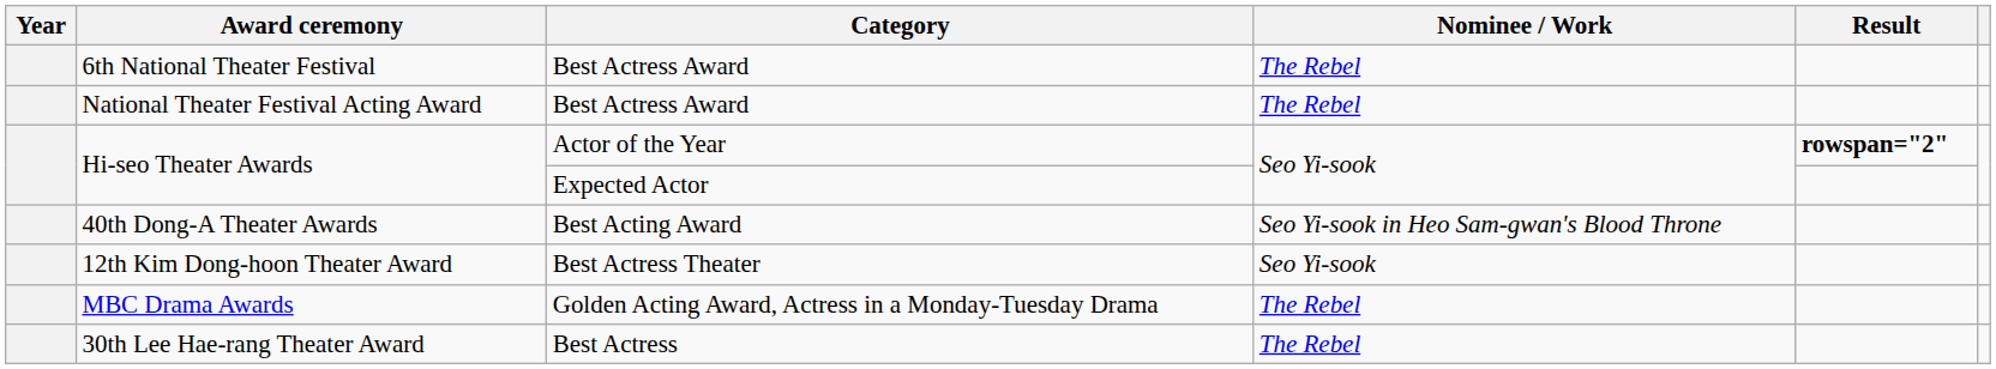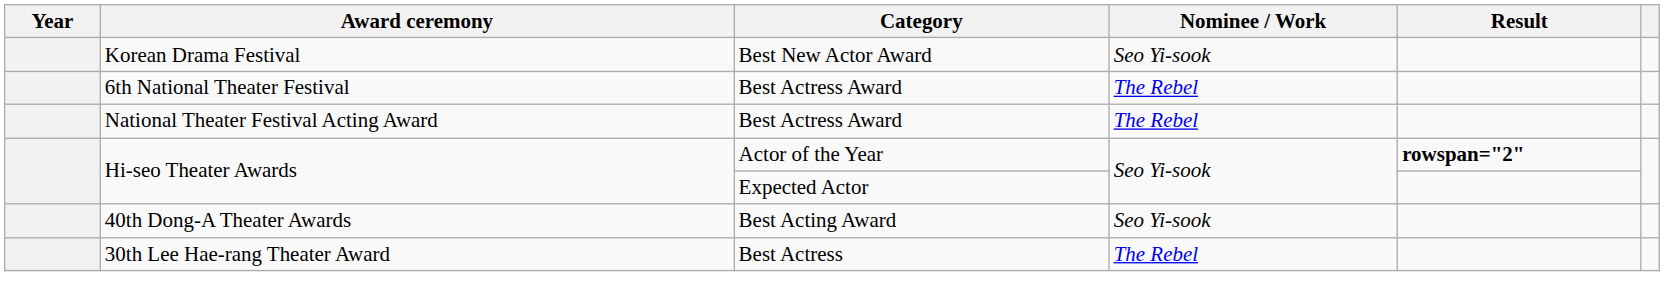 <table class="wikitable sortable plainrowheaders" style="clear:none; font-size:100%; padding:0 auto; width:100%; margin:auto">
 <tr>
 <th scope="col">Year</th>
 <th scope="col">Award ceremony</th>
 <th scope="col">Category</th>
 <th scope="col">Nominee / Work</th>
 <th scope="col">Result</th>
 <th scope="col" class="unsortable"></th>
+</tr>
+<tr>
+<th scope="row"></th>
+<td>Korean Drama Festival</td>
+<td>Best New Actor Award</td>
+<td><em>Seo Yi-sook</em></td>
+<td></td>
+<td style="text-align:center"></td>
 </tr>
 <tr>
 <th scope="row"></th>
 <td>6th National Theater Festival</td>
 <td>Best Actress Award</td>
 <td><em><a href='#'>The Rebel</a></em></td>
 <td></td>
 <td></td>
 </tr>
 <tr>
 <th scope="row"></th>
 <td>National Theater Festival Acting Award</td>
 <td>Best Actress Award</td>
 <td><em><a href='#'>The Rebel</a></em></td>
 <td></td>
 <td style="text-align:center"></td>
 </tr>
 <tr>
 <th scope="row" rowspan="2"></th>
 <td rowspan="2">Hi-seo Theater Awards</td>
 <td>Actor of the Year</td>
 <td rowspan="2"><em>Seo Yi-sook</em></td>
 <td><strong>rowspan="2" </strong></td>
 <td rowspan="2"></td>
 </tr>
 <tr>
 <td>Expected Actor</td>
 </tr>
 <tr>
 <th scope="row"></th>
 <td>40th Dong-A Theater Awards</td>
 <td>Best Acting Award</td>
-<td><em>Seo Yi-sook in Heo Sam-gwan's Blood Throne</em></td>
-<td></td>
-<td style="text-align:center"></td>
-</tr>
-<tr>
-<th scope="row"></th>
-<td rowspan="1" scope="row">12th Kim Dong-hoon Theater Award</td>
-<td>Best Actress Theater</td>
 <td><em>Seo Yi-sook</em></td>
-<td></td>
-<td style="text-align:center"></td>
-</tr>
-<tr>
-<th scope="row"></th>
-<td rowspan="1" scope="row"><a href='#'>MBC Drama Awards</a></td>
-<td>Golden Acting Award, Actress in a Monday-Tuesday Drama</td>
-<td><em><a href='#'>The Rebel</a></em></td>
 <td></td>
 <td style="text-align:center"></td>
 </tr>
 <tr>
 <th scope="row"></th>
 <td rowspan="1" scope="row">30th Lee Hae-rang Theater Award</td>
 <td>Best Actress</td>
 <td><em><a href='#'>The Rebel</a></em></td>
 <td></td>
 <td style="text-align:center"></td>
 </tr>
 </table>
